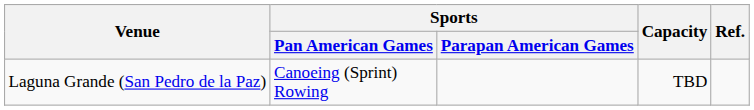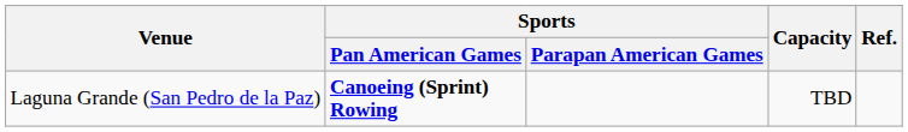 <table class="wikitable sortable">
 <tr>
 <th rowspan="2">Venue</th>
 <th colspan="2" class="unsortable">Sports</th>
 <th rowspan="2">Capacity</th>
 <th rowspan="2" class="unsortable">Ref.</th>
 </tr>
 <tr>
 <th><a href='#'>Pan American Games</a></th>
 <th><a href='#'>Parapan American Games</a></th>
 </tr>
 <tr>
 <td>Laguna Grande (<a href='#'>San Pedro de la Paz</a>)</td>
-<td><a href='#'>Canoeing</a> (Sprint)<br><a href='#'>Rowing</a></td>
+<td><strong><a href='#'>Canoeing</a> (Sprint)<br><a href='#'>Rowing</a></strong></td>
 <td></td>
 <td align="right">TBD</td>
 <td align=center></td>
 </tr>
 </table>
